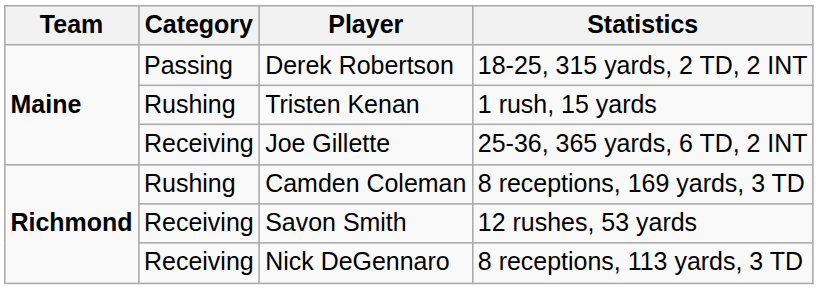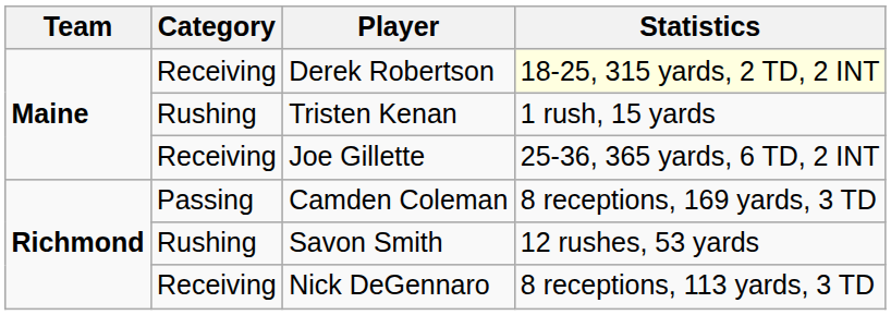 <table class="wikitable" style="float: left;">
 <tr>
 <th>Team</th>
 <th>Category</th>
 <th>Player</th>
 <th>Statistics</th>
 </tr>
 <tr>
 <td rowspan=3><strong>Maine</strong></td>
-<td>Passing</td>
+<td>Receiving</td>
 <td>Derek Robertson</td>
-<td>18-25, 315 yards, 2 TD, 2 INT</td>
+<td style="background: lightyellow;">18-25, 315 yards, 2 TD, 2 INT</td>
 </tr>
 <tr>
 <td>Rushing</td>
 <td>Tristen Kenan</td>
 <td>1 rush, 15 yards</td>
 </tr>
 <tr>
 <td>Receiving</td>
 <td>Joe Gillette</td>
 <td>25-36, 365 yards, 6 TD, 2 INT</td>
 </tr>
 <tr>
 <td rowspan=3><strong>Richmond</strong></td>
-<td>Rushing</td>
+<td>Passing</td>
 <td>Camden Coleman</td>
 <td>8 receptions, 169 yards, 3 TD</td>
 </tr>
 <tr>
-<td>Receiving</td>
+<td>Rushing</td>
 <td>Savon Smith</td>
 <td>12 rushes, 53 yards</td>
 </tr>
 <tr>
 <td>Receiving</td>
 <td>Nick DeGennaro</td>
 <td>8 receptions, 113 yards, 3 TD</td>
 </tr>
 </table>
